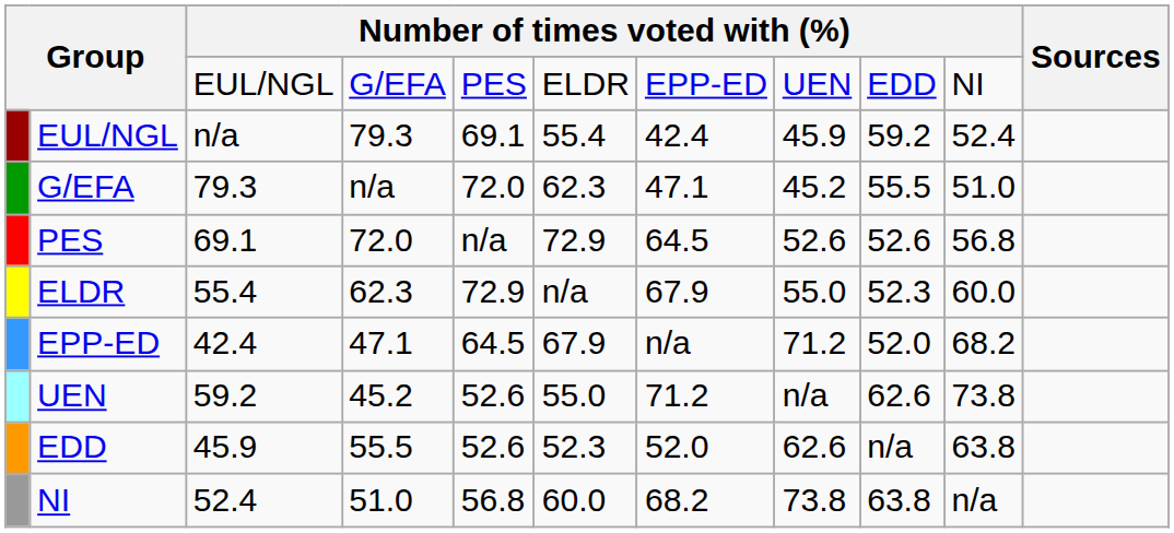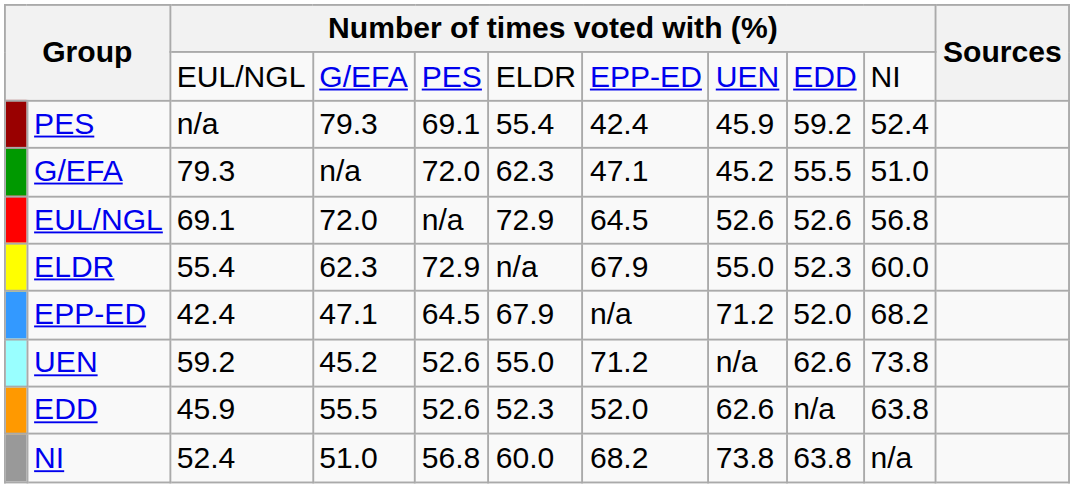 <table class="wikitable">
 <tr>
 <th rowspan="2" colspan="2">Group</th>
 <th colspan="8">Number of times voted with (%)</th>
 <th rowspan="2">Sources</th>
 </tr>
 <tr>
 <td>EUL/NGL</td>
 <td><a href='#'>G/EFA</a></td>
 <td><a href='#'>PES</a></td>
 <td>ELDR</td>
 <td><a href='#'>EPP-ED</a></td>
 <td><a href='#'>UEN</a></td>
 <td><a href='#'>EDD</a></td>
 <td>NI</td>
 </tr>
 <tr>
 <td style="background:#900;"> </td>
-<td><a href='#'>EUL/NGL</a></td>
+<td><a href='#'>PES</a></td>
 <td>n/a</td>
 <td>79.3</td>
 <td>69.1</td>
 <td>55.4</td>
 <td>42.4</td>
 <td>45.9</td>
 <td>59.2</td>
 <td>52.4</td>
 <td></td>
 </tr>
 <tr>
 <td style="background:#090;"> </td>
 <td><a href='#'>G/EFA</a></td>
 <td>79.3</td>
 <td>n/a</td>
 <td>72.0</td>
 <td>62.3</td>
 <td>47.1</td>
 <td>45.2</td>
 <td>55.5</td>
 <td>51.0</td>
 <td></td>
 </tr>
 <tr>
 <td style="background:#f00;"> </td>
-<td><a href='#'>PES</a></td>
+<td><a href='#'>EUL/NGL</a></td>
 <td>69.1</td>
 <td>72.0</td>
 <td>n/a</td>
 <td>72.9</td>
 <td>64.5</td>
 <td>52.6</td>
 <td>52.6</td>
 <td>56.8</td>
 <td></td>
 </tr>
 <tr>
 <td style="background:#ff0;"> </td>
 <td><a href='#'>ELDR</a></td>
 <td>55.4</td>
 <td>62.3</td>
 <td>72.9</td>
 <td>n/a</td>
 <td>67.9</td>
 <td>55.0</td>
 <td>52.3</td>
 <td>60.0</td>
 <td></td>
 </tr>
 <tr>
 <td style="background:#39f;"> </td>
 <td><a href='#'>EPP-ED</a></td>
 <td>42.4</td>
 <td>47.1</td>
 <td>64.5</td>
 <td>67.9</td>
 <td>n/a</td>
 <td>71.2</td>
 <td>52.0</td>
 <td>68.2</td>
 <td></td>
 </tr>
 <tr>
 <td style="background:#9ff;"> </td>
 <td><a href='#'>UEN</a></td>
 <td>59.2</td>
 <td>45.2</td>
 <td>52.6</td>
 <td>55.0</td>
 <td>71.2</td>
 <td>n/a</td>
 <td>62.6</td>
 <td>73.8</td>
 <td></td>
 </tr>
 <tr>
 <td style="background:#f90;"> </td>
 <td><a href='#'>EDD</a></td>
 <td>45.9</td>
 <td>55.5</td>
 <td>52.6</td>
 <td>52.3</td>
 <td>52.0</td>
 <td>62.6</td>
 <td>n/a</td>
 <td>63.8</td>
 <td></td>
 </tr>
 <tr>
 <td style="background:#999;"> </td>
 <td><a href='#'>NI</a></td>
 <td>52.4</td>
 <td>51.0</td>
 <td>56.8</td>
 <td>60.0</td>
 <td>68.2</td>
 <td>73.8</td>
 <td>63.8</td>
 <td>n/a</td>
 <td></td>
 </tr>
 </table>
